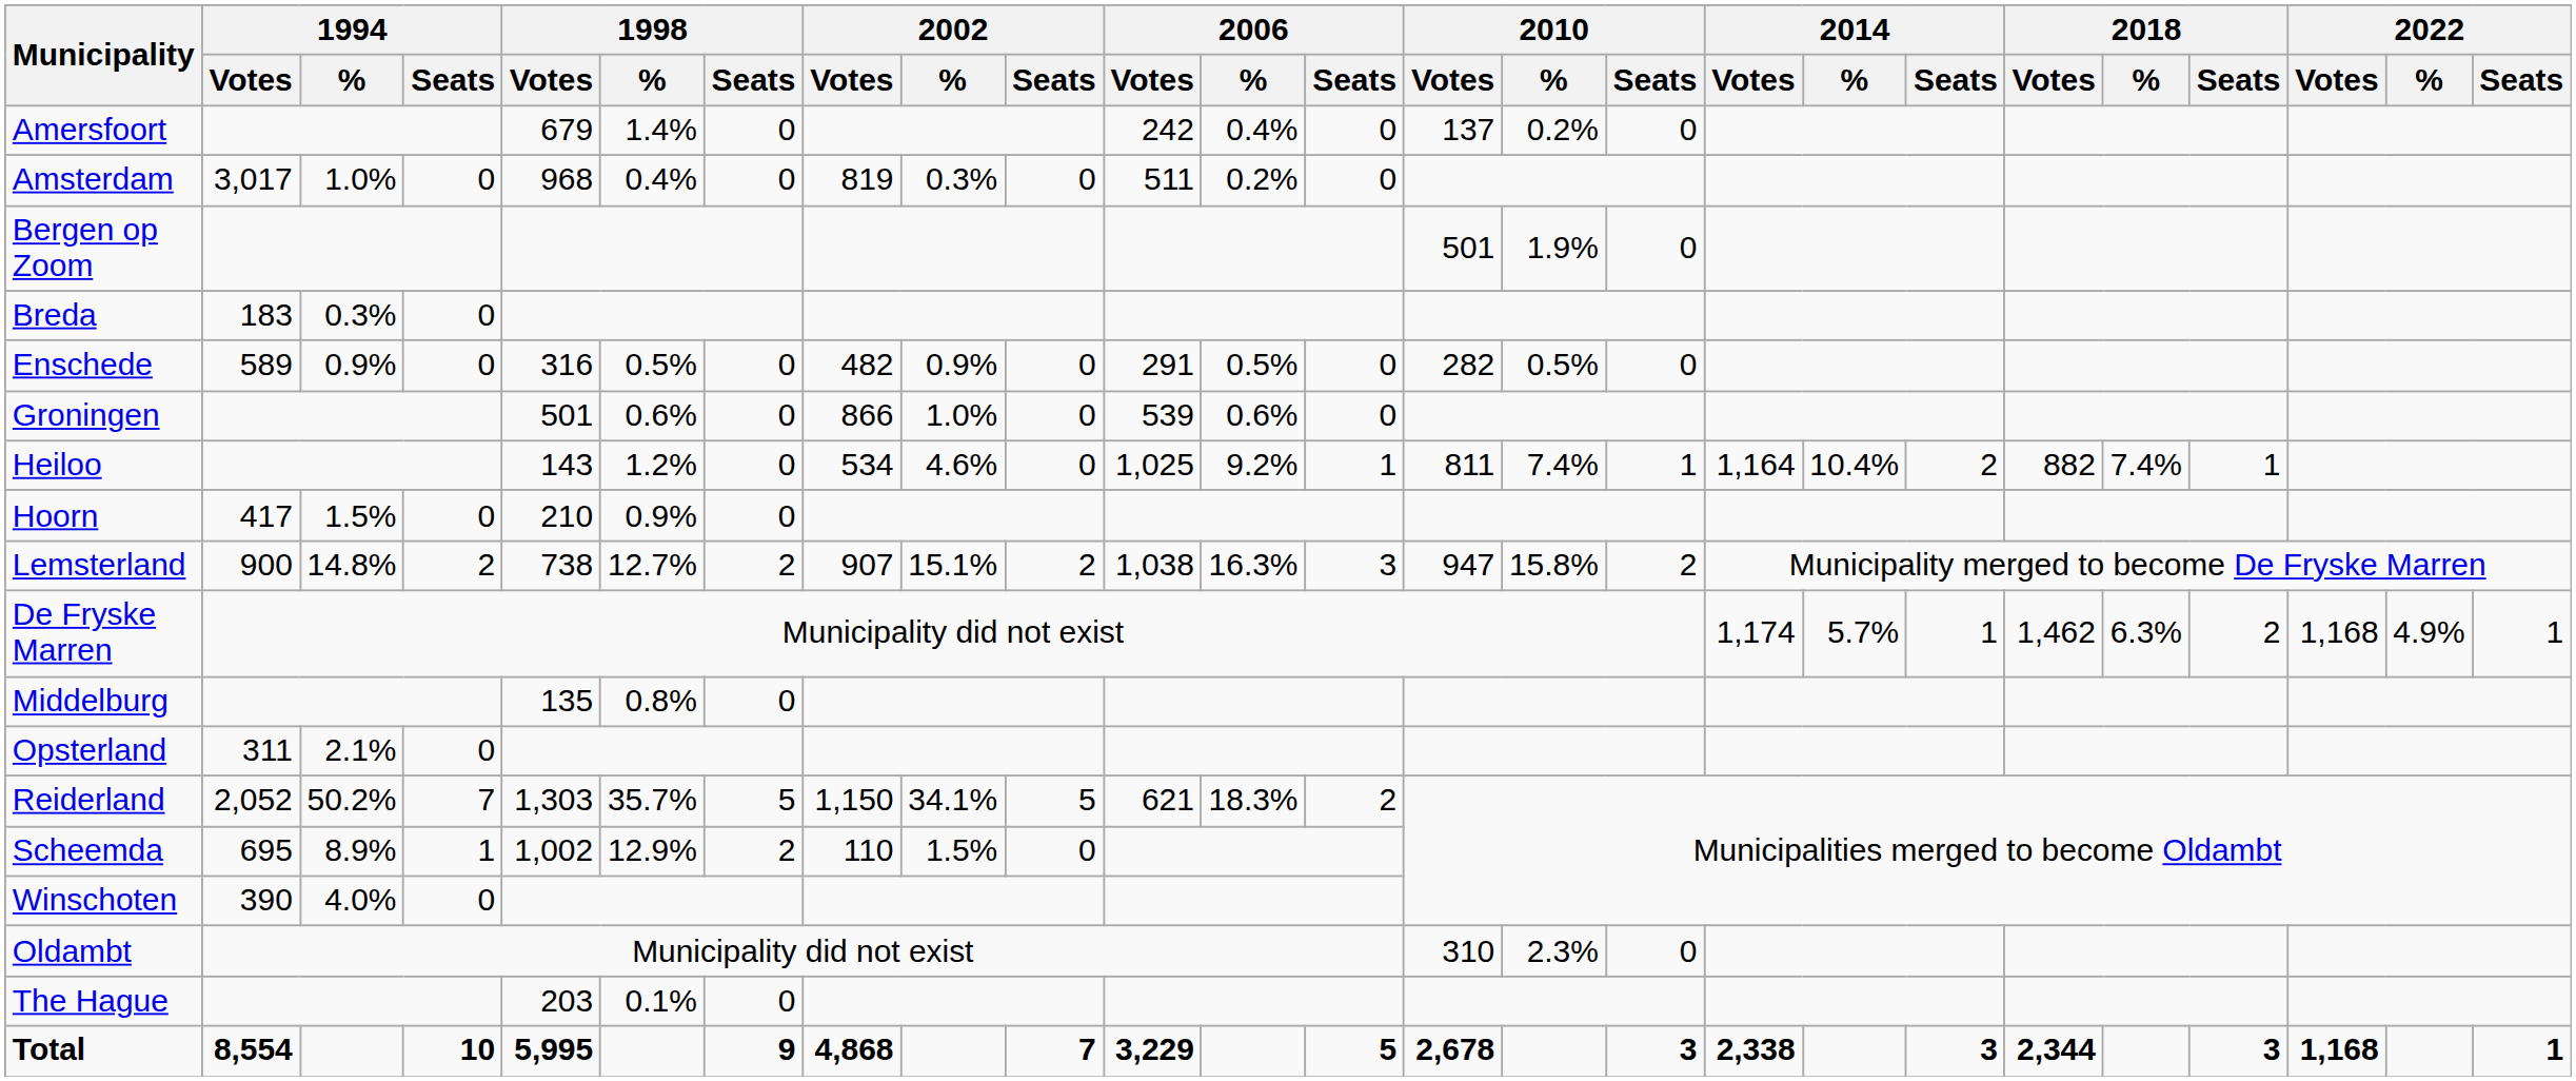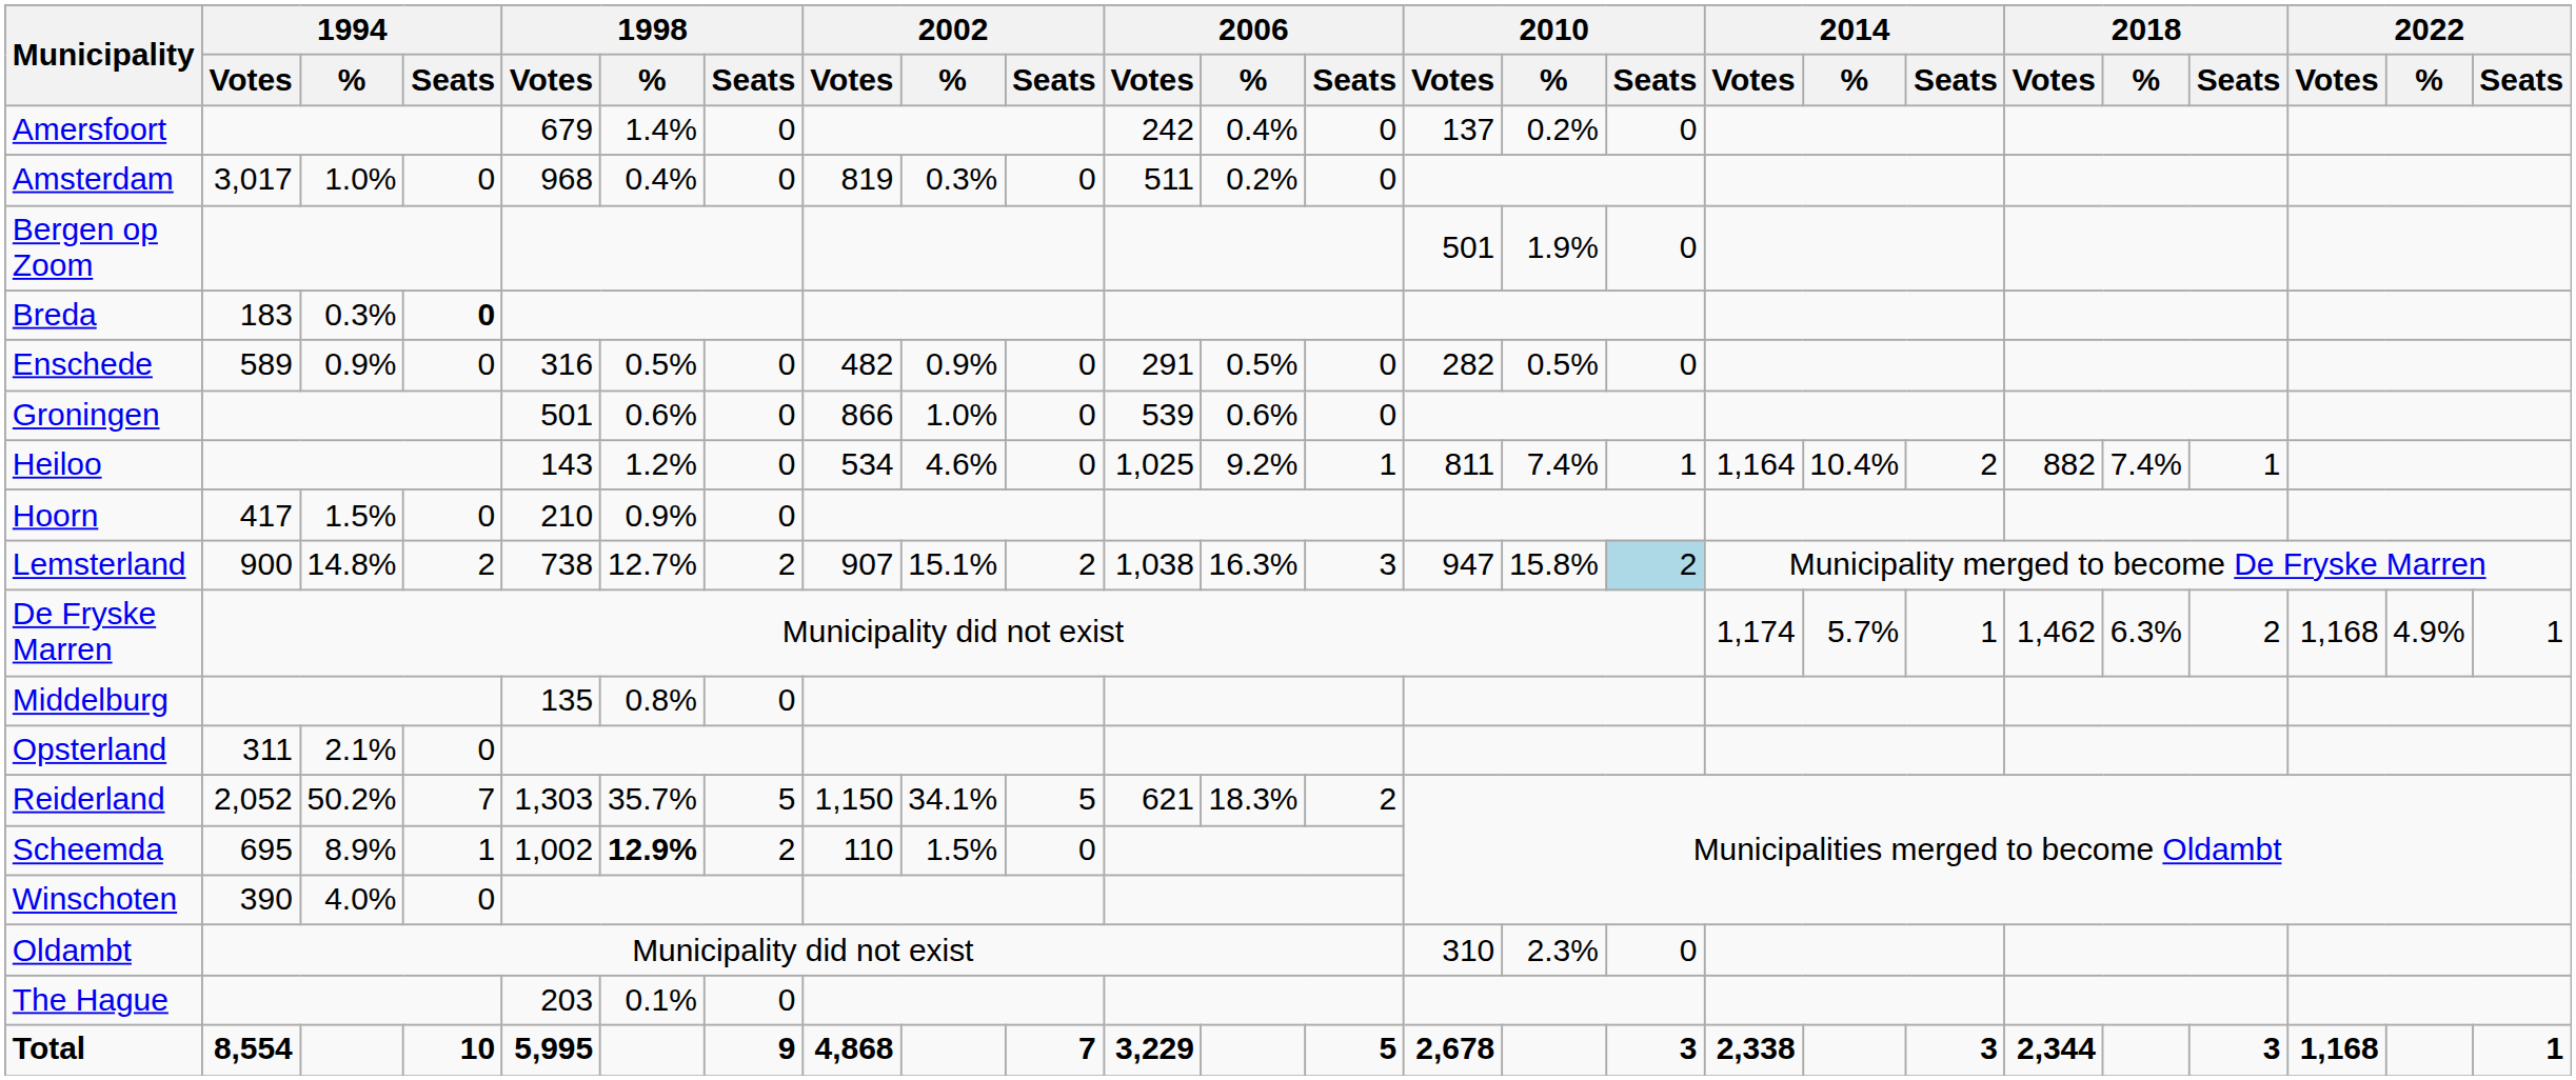 <table class="wikitable" style="text-align:right">
 <tr>
 <th rowspan="2">Municipality</th>
 <th colspan="3">1994</th>
 <th colspan="3">1998</th>
 <th colspan="3">2002</th>
 <th colspan="3">2006</th>
 <th colspan="3">2010</th>
 <th colspan="3">2014</th>
 <th colspan="3">2018</th>
 <th colspan="3">2022</th>
 </tr>
 <tr>
 <th>Votes</th>
 <th>%</th>
 <th>Seats</th>
 <th>Votes</th>
 <th>%</th>
 <th>Seats</th>
 <th>Votes</th>
 <th>%</th>
 <th>Seats</th>
 <th>Votes</th>
 <th>%</th>
 <th>Seats</th>
 <th>Votes</th>
 <th>%</th>
 <th>Seats</th>
 <th>Votes</th>
 <th>%</th>
 <th>Seats</th>
 <th>Votes</th>
 <th>%</th>
 <th>Seats</th>
 <th>Votes</th>
 <th>%</th>
 <th>Seats</th>
 </tr>
 <tr>
 <td style="text-align:left"><a href='#'>Amersfoort</a></td>
 <td colspan="3"></td>
 <td>679</td>
 <td>1.4%</td>
 <td>0</td>
 <td colspan="3"></td>
 <td>242</td>
 <td>0.4%</td>
 <td>0</td>
 <td>137</td>
 <td>0.2%</td>
 <td>0</td>
 <td colspan="3"></td>
 <td colspan="3"></td>
 <td colspan="3"></td>
 </tr>
 <tr>
 <td style="text-align:left"><a href='#'>Amsterdam</a></td>
 <td>3,017</td>
 <td>1.0%</td>
 <td>0</td>
 <td>968</td>
 <td>0.4%</td>
 <td>0</td>
 <td>819</td>
 <td>0.3%</td>
 <td>0</td>
 <td>511</td>
 <td>0.2%</td>
 <td>0</td>
 <td colspan="3"></td>
 <td colspan="3"></td>
 <td colspan="3"></td>
 <td colspan="3"></td>
 </tr>
 <tr>
 <td style="text-align:left"><a href='#'>Bergen op Zoom</a></td>
 <td colspan="3"></td>
 <td colspan="3"></td>
 <td colspan="3"></td>
 <td colspan="3"></td>
 <td>501</td>
 <td>1.9%</td>
 <td>0</td>
 <td colspan="3"></td>
 <td colspan="3"></td>
 <td colspan="3"></td>
 </tr>
 <tr>
 <td style="text-align:left"><a href='#'>Breda</a></td>
 <td>183</td>
 <td>0.3%</td>
-<td>0</td>
+<td><strong>0</strong></td>
 <td colspan="3"></td>
 <td colspan="3"></td>
 <td colspan="3"></td>
 <td colspan="3"></td>
 <td colspan="3"></td>
 <td colspan="3"></td>
 <td colspan="3"></td>
 </tr>
 <tr>
 <td style="text-align:left"><a href='#'>Enschede</a></td>
 <td>589</td>
 <td>0.9%</td>
 <td>0</td>
 <td>316</td>
 <td>0.5%</td>
 <td>0</td>
 <td>482</td>
 <td>0.9%</td>
 <td>0</td>
 <td>291</td>
 <td>0.5%</td>
 <td>0</td>
 <td>282</td>
 <td>0.5%</td>
 <td>0</td>
 <td colspan="3"></td>
 <td colspan="3"></td>
 <td colspan="3"></td>
 </tr>
 <tr>
 <td style="text-align:left"><a href='#'>Groningen</a></td>
 <td colspan="3"></td>
 <td>501</td>
 <td>0.6%</td>
 <td>0</td>
 <td>866</td>
 <td>1.0%</td>
 <td>0</td>
 <td>539</td>
 <td>0.6%</td>
 <td>0</td>
 <td colspan="3"></td>
 <td colspan="3"></td>
 <td colspan="3"></td>
 <td colspan="3"></td>
 </tr>
 <tr>
 <td style="text-align:left"><a href='#'>Heiloo</a></td>
 <td colspan="3"></td>
 <td>143</td>
 <td>1.2%</td>
 <td>0</td>
 <td>534</td>
 <td>4.6%</td>
 <td>0</td>
 <td>1,025</td>
 <td>9.2%</td>
 <td>1</td>
 <td>811</td>
 <td>7.4%</td>
 <td>1</td>
 <td>1,164</td>
 <td>10.4%</td>
 <td>2</td>
 <td>882</td>
 <td>7.4%</td>
 <td>1</td>
 <td colspan="3"></td>
 </tr>
 <tr>
 <td style="text-align:left"><a href='#'>Hoorn</a></td>
 <td>417</td>
 <td>1.5%</td>
 <td>0</td>
 <td>210</td>
 <td>0.9%</td>
 <td>0</td>
 <td colspan="3"></td>
 <td colspan="3"></td>
 <td colspan="3"></td>
 <td colspan="3"></td>
 <td colspan="3"></td>
 <td colspan="3"></td>
 </tr>
 <tr>
 <td style="text-align:left"><a href='#'>Lemsterland</a></td>
 <td>900</td>
 <td>14.8%</td>
 <td>2</td>
 <td>738</td>
 <td>12.7%</td>
 <td>2</td>
 <td>907</td>
 <td>15.1%</td>
 <td>2</td>
 <td>1,038</td>
 <td>16.3%</td>
 <td>3</td>
 <td>947</td>
 <td>15.8%</td>
-<td>2</td>
+<td style="background: lightblue;">2</td>
 <td colspan="9" style="text-align:center">Municipality merged to become <a href='#'>De Fryske Marren</a></td>
 </tr>
 <tr>
 <td style="text-align:left"><a href='#'>De Fryske Marren</a></td>
 <td colspan="15" style="text-align:center">Municipality did not exist</td>
 <td>1,174</td>
 <td>5.7%</td>
 <td>1</td>
 <td>1,462</td>
 <td>6.3%</td>
 <td>2</td>
 <td>1,168</td>
 <td>4.9%</td>
 <td>1</td>
 </tr>
 <tr>
 <td style="text-align:left"><a href='#'>Middelburg</a></td>
 <td colspan="3"></td>
 <td>135</td>
 <td>0.8%</td>
 <td>0</td>
 <td colspan="3"></td>
 <td colspan="3"></td>
 <td colspan="3"></td>
 <td colspan="3"></td>
 <td colspan="3"></td>
 <td colspan="3"></td>
 </tr>
 <tr>
 <td style="text-align:left"><a href='#'>Opsterland</a></td>
 <td>311</td>
 <td>2.1%</td>
 <td>0</td>
 <td colspan="3"></td>
 <td colspan="3"></td>
 <td colspan="3"></td>
 <td colspan="3"></td>
 <td colspan="3"></td>
 <td colspan="3"></td>
 <td colspan="3"></td>
 </tr>
 <tr>
 <td style="text-align:left"><a href='#'>Reiderland</a></td>
 <td>2,052</td>
 <td>50.2%</td>
 <td>7</td>
 <td>1,303</td>
 <td>35.7%</td>
 <td>5</td>
 <td>1,150</td>
 <td>34.1%</td>
 <td>5</td>
 <td>621</td>
 <td>18.3%</td>
 <td>2</td>
 <td colspan="12" rowspan="3" style="text-align:center">Municipalities merged to become <a href='#'>Oldambt</a></td>
 </tr>
 <tr>
 <td style="text-align:left"><a href='#'>Scheemda</a></td>
 <td>695</td>
 <td>8.9%</td>
 <td>1</td>
 <td>1,002</td>
-<td>12.9%</td>
+<td><strong>12.9%</strong></td>
 <td>2</td>
 <td>110</td>
 <td>1.5%</td>
 <td>0</td>
 <td colspan="3"></td>
 </tr>
 <tr>
 <td style="text-align:left"><a href='#'>Winschoten</a></td>
 <td>390</td>
 <td>4.0%</td>
 <td>0</td>
 <td colspan="3"></td>
 <td colspan="3"></td>
 <td colspan="3"></td>
 </tr>
 <tr>
 <td style="text-align:left"><a href='#'>Oldambt</a></td>
 <td colspan="12" style="text-align:center">Municipality did not exist</td>
 <td>310</td>
 <td>2.3%</td>
 <td>0</td>
 <td colspan="3"></td>
 <td colspan="3"></td>
 <td colspan="3"></td>
 </tr>
 <tr>
 <td style="text-align:left"><a href='#'>The Hague</a></td>
 <td colspan="3"></td>
 <td>203</td>
 <td>0.1%</td>
 <td>0</td>
 <td colspan="3"></td>
 <td colspan="3"></td>
 <td colspan="3"></td>
 <td colspan="3"></td>
 <td colspan="3"></td>
 <td colspan="3"></td>
 </tr>
 <tr>
 <td style="text-align:left"><strong>Total</strong></td>
 <td><strong>8,554</strong></td>
 <td></td>
 <td><strong>10</strong></td>
 <td><strong>5,995</strong></td>
 <td></td>
 <td><strong>9</strong></td>
 <td><strong>4,868</strong></td>
 <td></td>
 <td><strong>7</strong></td>
 <td><strong>3,229</strong></td>
 <td></td>
 <td><strong>5</strong></td>
 <td><strong>2,678</strong></td>
 <td></td>
 <td><strong>3</strong></td>
 <td><strong>2,338</strong></td>
 <td></td>
 <td><strong>3</strong></td>
 <td><strong>2,344</strong></td>
 <td></td>
 <td><strong>3</strong></td>
 <td><strong>1,168</strong></td>
 <td></td>
 <td><strong>1</strong></td>
 </tr>
 </table>
